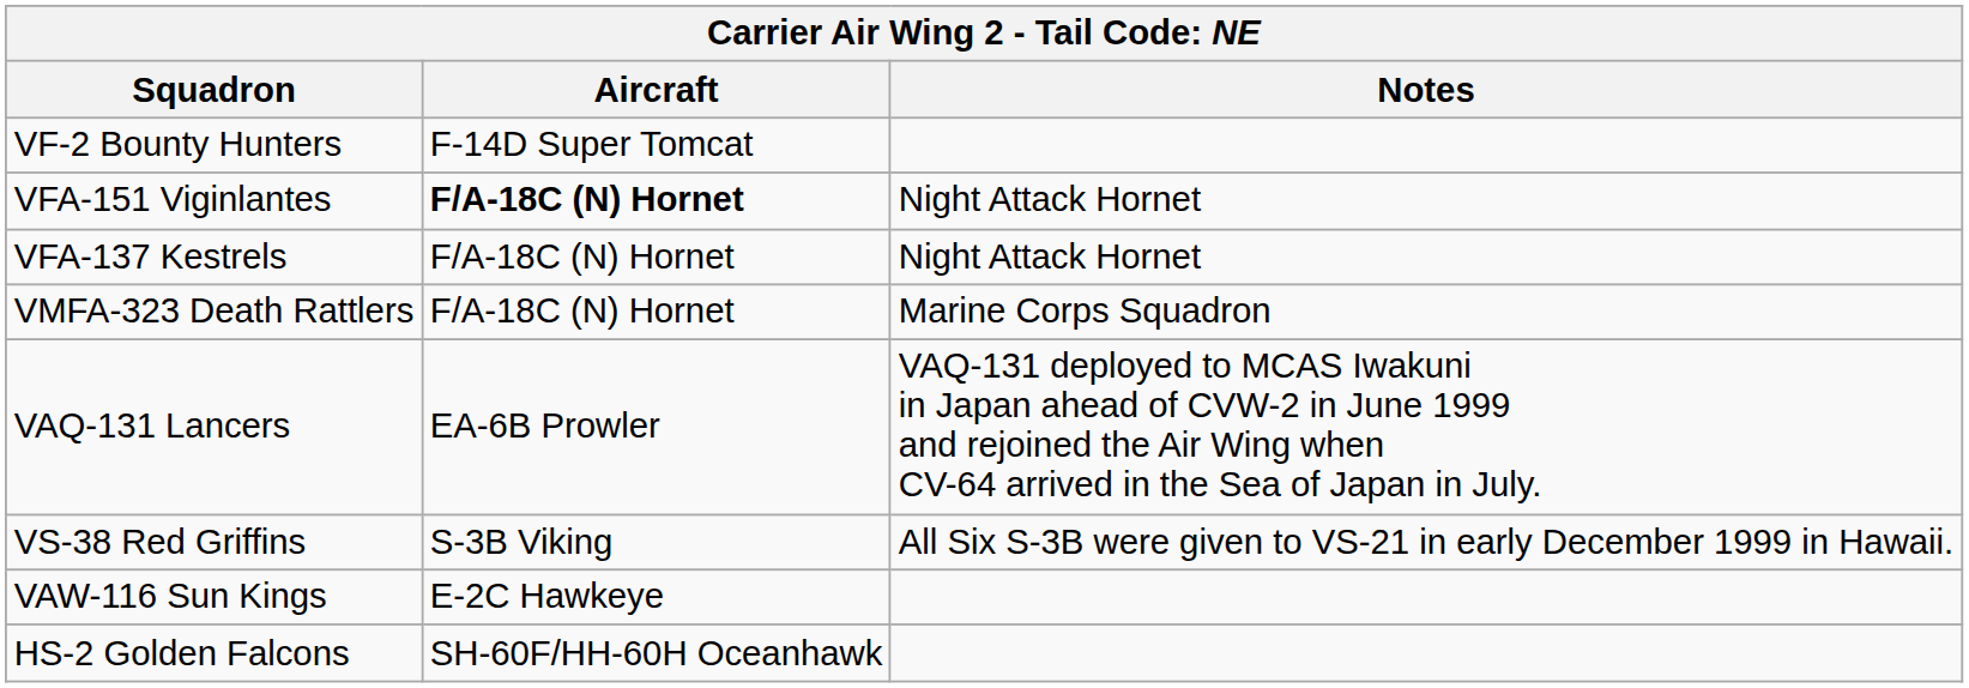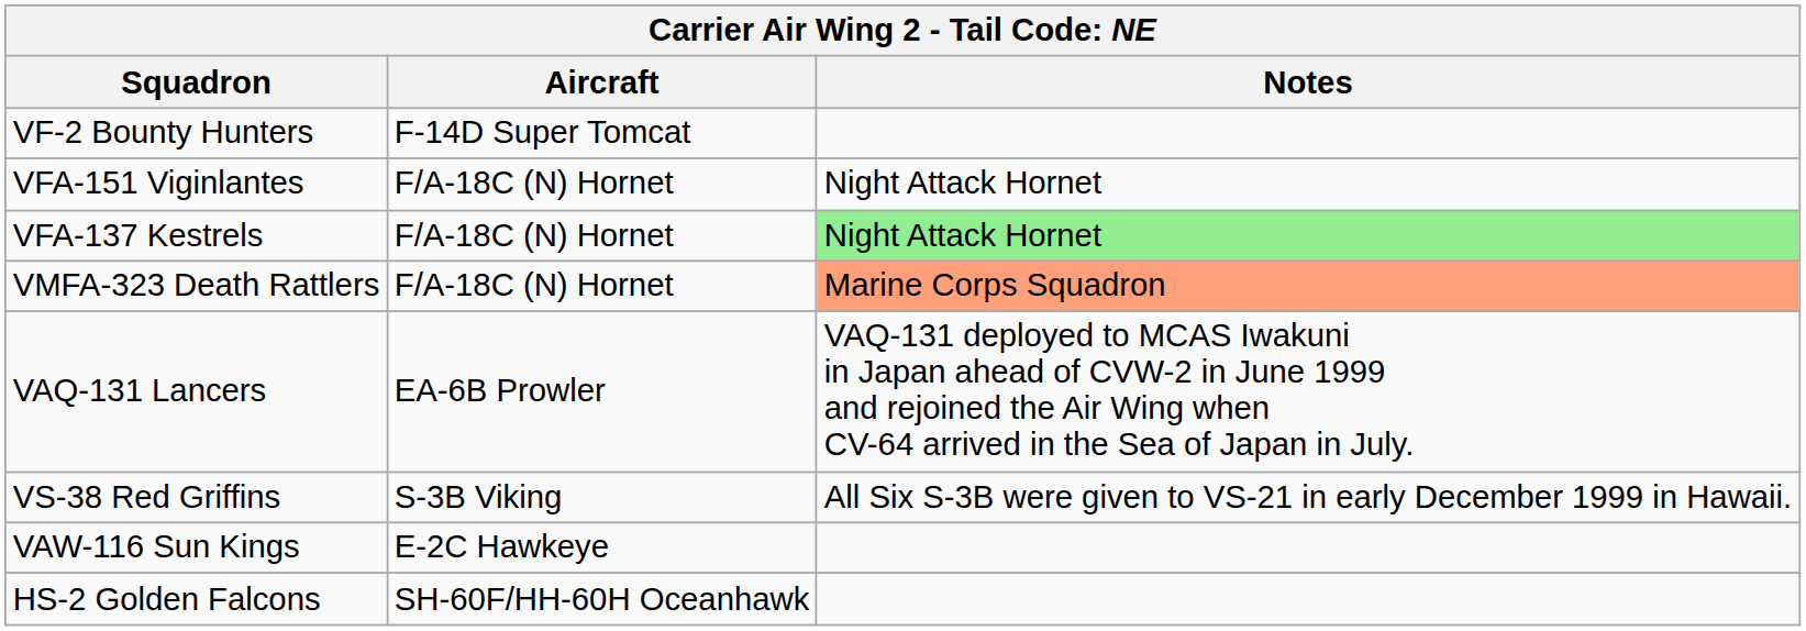 <table class="wikitable">
 <tr>
 <th colspan="3">Carrier Air Wing 2  - Tail Code: <em>NE</em></th>
 </tr>
 <tr>
 <th>Squadron</th>
 <th>Aircraft</th>
 <th>Notes</th>
 </tr>
 <tr>
 <td>VF-2 Bounty Hunters</td>
 <td>F-14D Super Tomcat</td>
 <td></td>
 </tr>
 <tr>
 <td>VFA-151 Viginlantes</td>
-<td><strong>F/A-18C (N) Hornet</strong></td>
+<td>F/A-18C (N) Hornet</td>
 <td>Night Attack Hornet</td>
 </tr>
 <tr>
 <td>VFA-137 Kestrels</td>
 <td>F/A-18C (N) Hornet</td>
-<td>Night Attack Hornet</td>
+<td style="background: lightgreen;">Night Attack Hornet</td>
 </tr>
 <tr>
 <td>VMFA-323 Death Rattlers</td>
 <td>F/A-18C (N) Hornet</td>
-<td>Marine Corps Squadron</td>
+<td style="background: lightsalmon;">Marine Corps Squadron</td>
 </tr>
 <tr>
 <td>VAQ-131 Lancers</td>
 <td>EA-6B Prowler</td>
 <td>VAQ-131 deployed to MCAS Iwakuni<br>in Japan ahead of CVW-2 in June 1999<br>and rejoined the Air Wing when<br>CV-64 arrived in the Sea of Japan in July.</td>
 </tr>
 <tr>
 <td>VS-38 Red Griffins</td>
 <td>S-3B Viking</td>
 <td>All Six S-3B were given to VS-21 in early December 1999 in Hawaii.</td>
 </tr>
 <tr>
 <td>VAW-116 Sun Kings</td>
 <td>E-2C Hawkeye</td>
 <td></td>
 </tr>
 <tr>
 <td>HS-2 Golden Falcons</td>
 <td>SH-60F/HH-60H Oceanhawk</td>
 <td></td>
 </tr>
 </table>
